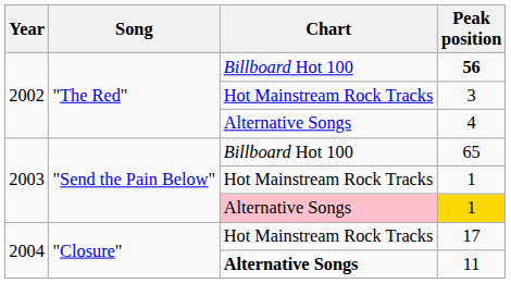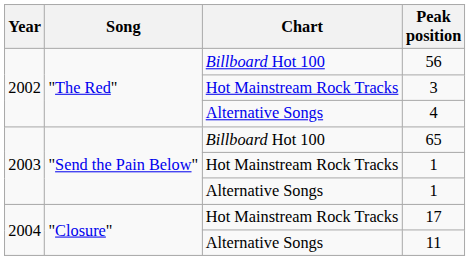 <table class="wikitable">
 <tr>
 <th>Year</th>
 <th>Song</th>
 <th>Chart</th>
 <th>Peak<br>position</th>
 </tr>
 <tr>
 <td rowspan="3">2002</td>
 <td rowspan="3">"<a href='#'>The Red</a>"</td>
 <td><a href='#'><em>Billboard</em> Hot 100</a></td>
-<td align="center"><strong>56</strong></td>
+<td align="center">56</td>
 </tr>
 <tr>
 <td><a href='#'>Hot Mainstream Rock Tracks</a></td>
 <td align="center">3</td>
 </tr>
 <tr>
 <td><a href='#'>Alternative Songs</a></td>
 <td align="center">4</td>
 </tr>
 <tr>
 <td rowspan="3">2003</td>
 <td rowspan="3">"<a href='#'>Send the Pain Below</a>"</td>
 <td><em>Billboard</em> Hot 100</td>
 <td align="center">65</td>
 </tr>
 <tr>
 <td>Hot Mainstream Rock Tracks</td>
 <td align="center">1</td>
 </tr>
 <tr>
-<td style="background: pink;">Alternative Songs</td>
-<td align="center" style="background: gold;">1</td>
+<td>Alternative Songs</td>
+<td align="center">1</td>
 </tr>
 <tr>
 <td rowspan="2">2004</td>
 <td rowspan="2">"<a href='#'>Closure</a>"</td>
 <td>Hot Mainstream Rock Tracks</td>
 <td align="center">17</td>
 </tr>
 <tr>
-<td><strong>Alternative Songs</strong></td>
+<td>Alternative Songs</td>
 <td align="center">11</td>
 </tr>
 </table>
